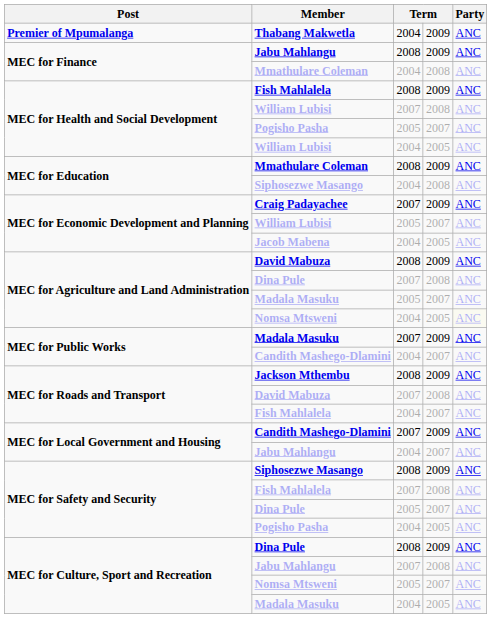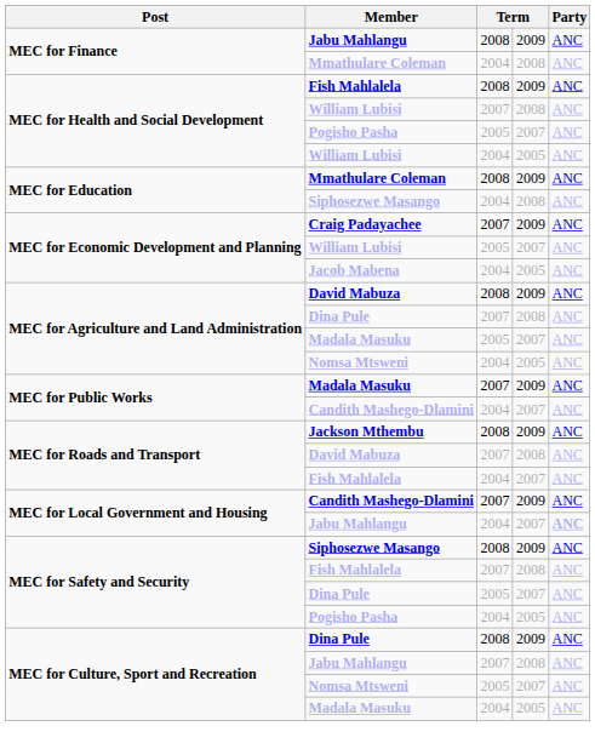 <table class="wikitable">
 <tr>
 <th>Post</th>
 <th>Member</th>
 <th colspan="2">Term</th>
 <th>Party</th>
-</tr>
-<tr>
-<td><strong><a href='#'>Premier of Mpumalanga</a></strong></td>
-<td><strong><a href='#'>Thabang Makwetla</a></strong></td>
-<td>2004</td>
-<td>2009</td>
-<td><a href='#'>ANC</a></td>
 </tr>
 <tr>
 <td rowspan="2"><strong>MEC for Finance</strong></td>
 <td><strong><a href='#'>Jabu Mahlangu</a></strong></td>
 <td>2008</td>
 <td>2009</td>
 <td><a href='#'>ANC</a></td>
 </tr>
 <tr style="opacity:.3;">
 <td><strong><a href='#'>Mmathulare Coleman</a></strong></td>
 <td>2004</td>
 <td>2008</td>
 <td><a href='#'>ANC</a></td>
 </tr>
 <tr>
 <td rowspan="4"><strong>MEC for Health and Social Development</strong></td>
 <td><strong><a href='#'>Fish Mahlalela</a></strong></td>
 <td>2008</td>
 <td>2009</td>
 <td><a href='#'>ANC</a></td>
 </tr>
 <tr style="opacity:.3;">
 <td><strong><a href='#'>William Lubisi</a></strong></td>
 <td>2007</td>
 <td>2008</td>
 <td><a href='#'>ANC</a></td>
 </tr>
 <tr style="opacity:.3;">
 <td><strong><a href='#'>Pogisho Pasha</a></strong></td>
 <td>2005</td>
 <td>2007</td>
 <td><a href='#'>ANC</a></td>
 </tr>
 <tr style="opacity:.3;">
 <td><strong><a href='#'>William Lubisi</a></strong></td>
 <td>2004</td>
 <td>2005</td>
 <td><a href='#'>ANC</a></td>
 </tr>
 <tr>
 <td rowspan="2"><strong>MEC for Education</strong></td>
 <td><strong><a href='#'>Mmathulare Coleman</a></strong></td>
 <td>2008</td>
 <td>2009</td>
 <td><a href='#'>ANC</a></td>
 </tr>
 <tr style="opacity:.3;">
 <td><strong><a href='#'>Siphosezwe Masango</a></strong></td>
 <td>2004</td>
 <td>2008</td>
 <td><a href='#'>ANC</a></td>
 </tr>
 <tr>
 <td rowspan="3"><strong>MEC for Economic Development and Planning</strong></td>
 <td><strong><a href='#'>Craig Padayachee</a></strong></td>
 <td>2007</td>
 <td>2009</td>
 <td><a href='#'>ANC</a></td>
 </tr>
 <tr style="opacity:.3;">
 <td><strong><a href='#'>William Lubisi</a></strong></td>
 <td>2005</td>
 <td>2007</td>
 <td><a href='#'>ANC</a></td>
 </tr>
 <tr style="opacity:.3;">
 <td><strong><a href='#'>Jacob Mabena</a></strong></td>
 <td>2004</td>
 <td>2005</td>
 <td><a href='#'>ANC</a></td>
 </tr>
 <tr>
 <td rowspan="4"><strong>MEC for Agriculture and Land Administration</strong></td>
 <td><strong><a href='#'>David Mabuza</a></strong></td>
 <td>2008</td>
 <td>2009</td>
 <td><a href='#'>ANC</a></td>
 </tr>
 <tr style="opacity:.3;">
 <td><strong><a href='#'>Dina Pule</a></strong></td>
 <td>2007</td>
 <td>2008</td>
 <td><a href='#'>ANC</a></td>
 </tr>
 <tr style="opacity:.3;">
 <td><strong><a href='#'>Madala Masuku</a></strong></td>
 <td>2005</td>
 <td>2007</td>
 <td><a href='#'>ANC</a></td>
 </tr>
 <tr style="opacity:.3;">
 <td><strong><a href='#'>Nomsa Mtsweni</a></strong></td>
 <td>2004</td>
 <td>2005</td>
 <td style="background: lightyellow;"><a href='#'>ANC</a></td>
 </tr>
 <tr>
 <td rowspan="2"><strong>MEC for Public Works</strong></td>
 <td><strong><a href='#'>Madala Masuku</a></strong></td>
 <td>2007</td>
 <td>2009</td>
 <td><a href='#'>ANC</a></td>
 </tr>
 <tr style="opacity:.3;">
 <td><strong><a href='#'>Candith Mashego-Dlamini</a></strong></td>
 <td>2004</td>
 <td>2007</td>
 <td><a href='#'>ANC</a></td>
 </tr>
 <tr>
 <td rowspan="3"><strong>MEC for Roads and Transport</strong></td>
 <td><strong><a href='#'>Jackson Mthembu</a></strong></td>
 <td>2008</td>
 <td>2009</td>
 <td><a href='#'>ANC</a></td>
 </tr>
 <tr style="opacity:.3;">
 <td><strong><a href='#'>David Mabuza</a></strong></td>
 <td>2007</td>
 <td>2008</td>
 <td><a href='#'>ANC</a></td>
 </tr>
 <tr style="opacity:.3;">
 <td><strong><a href='#'>Fish Mahlalela</a></strong></td>
 <td>2004</td>
 <td>2007</td>
 <td><a href='#'>ANC</a></td>
 </tr>
 <tr>
 <td rowspan="2"><strong>MEC for Local Government and Housing</strong></td>
 <td><strong><a href='#'>Candith Mashego-Dlamini</a></strong></td>
 <td>2007</td>
 <td>2009</td>
 <td><a href='#'>ANC</a></td>
 </tr>
 <tr style="opacity:.3;">
 <td><a href='#'><strong>Jabu Mahlangu</strong></a></td>
 <td>2004</td>
 <td>2007</td>
-<td><a href='#'>ANC</a></td>
+<td><strong><a href='#'>ANC</a></strong></td>
 </tr>
 <tr>
 <td rowspan="4"><strong>MEC for Safety and Security</strong></td>
 <td><strong><a href='#'>Siphosezwe Masango</a></strong></td>
 <td>2008</td>
 <td>2009</td>
 <td><a href='#'>ANC</a></td>
 </tr>
 <tr style="opacity:.3;">
 <td><strong><a href='#'>Fish Mahlalela</a></strong></td>
 <td>2007</td>
 <td>2008</td>
 <td><a href='#'>ANC</a></td>
 </tr>
 <tr style="opacity:.3;">
 <td><strong><a href='#'>Dina Pule</a></strong></td>
 <td>2005</td>
 <td>2007</td>
 <td><a href='#'>ANC</a></td>
 </tr>
 <tr style="opacity:.3;">
 <td><strong><a href='#'>Pogisho Pasha</a></strong></td>
 <td>2004</td>
 <td>2005</td>
 <td><a href='#'>ANC</a></td>
 </tr>
 <tr>
 <td rowspan="4"><strong>MEC for Culture, Sport and Recreation</strong></td>
 <td><strong><a href='#'>Dina Pule</a></strong></td>
 <td>2008</td>
 <td>2009</td>
 <td><a href='#'>ANC</a></td>
 </tr>
 <tr style="opacity:.3;">
 <td><strong><a href='#'>Jabu Mahlangu</a></strong></td>
 <td>2007</td>
 <td>2008</td>
 <td><a href='#'>ANC</a></td>
 </tr>
 <tr style="opacity:.3;">
 <td><strong><a href='#'>Nomsa Mtsweni</a></strong></td>
 <td>2005</td>
 <td>2007</td>
 <td><a href='#'>ANC</a></td>
 </tr>
 <tr style="opacity:.3;">
 <td><strong><a href='#'>Madala Masuku</a></strong></td>
 <td>2004</td>
 <td>2005</td>
 <td><a href='#'>ANC</a></td>
 </tr>
 </table>
